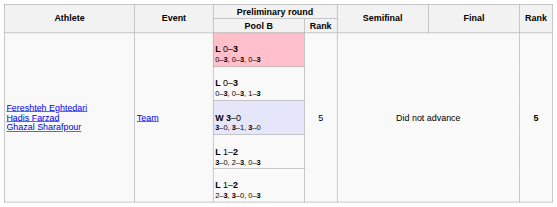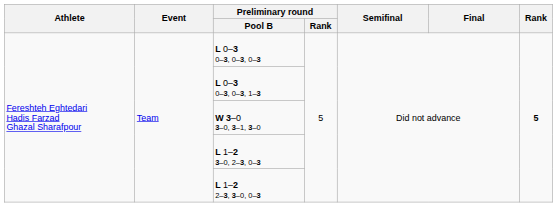 <table class="wikitable" width="70%" style="text-align:left; font-size:90%">
 <tr>
 <th rowspan="2" width="20%">Athlete</th>
 <th rowspan="2" width="12%">Event</th>
 <th colspan="2">Preliminary round</th>
 <th rowspan="2" width="14%">Semifinal</th>
 <th rowspan="2" width="14%">Final</th>
 <th rowspan="2" width="5%">Rank</th>
 </tr>
 <tr>
 <th width="14%">Pool B</th>
 <th width="5%">Rank</th>
 </tr>
 <tr>
 <td rowspan="5"><a href='#'>Fereshteh Eghtedari</a><br><a href='#'>Hadis Farzad</a><br><a href='#'>Ghazal Sharafpour</a></td>
 <td rowspan="5"><a href='#'>Team</a></td>
-<td style="background: pink;"><br><strong>L</strong> 0–<strong>3</strong><br><small>0–<strong>3</strong>, 0–<strong>3</strong>, 0–<strong>3</strong></small></td>
+<td><br><strong>L</strong> 0–<strong>3</strong><br><small>0–<strong>3</strong>, 0–<strong>3</strong>, 0–<strong>3</strong></small></td>
 <td rowspan="5" align=center>5</td>
 <td rowspan="5" colspan=2 align=center>Did not advance</td>
 <td rowspan="5" align="center"><strong>5</strong></td>
 </tr>
 <tr>
 <td><br><strong>L</strong> 0–<strong>3</strong><br><small>0–<strong>3</strong>, 0–<strong>3</strong>, 1–<strong>3</strong></small></td>
 </tr>
 <tr>
-<td style="background: lavender;"><br><strong>W</strong> <strong>3</strong>–0<br><small><strong>3</strong>–0, <strong>3</strong>–1, <strong>3</strong>–0</small></td>
+<td><br><strong>W</strong> <strong>3</strong>–0<br><small><strong>3</strong>–0, <strong>3</strong>–1, <strong>3</strong>–0</small></td>
 </tr>
 <tr>
 <td><br><strong>L</strong> 1–<strong>2</strong><br><small><strong>3</strong>–0, 2–<strong>3</strong>, 0–<strong>3</strong></small></td>
 </tr>
 <tr>
 <td><br><strong>L</strong> 1–<strong>2</strong><br><small>2–<strong>3</strong>, <strong>3</strong>–0, 0–<strong>3</strong></small></td>
 </tr>
 </table>
